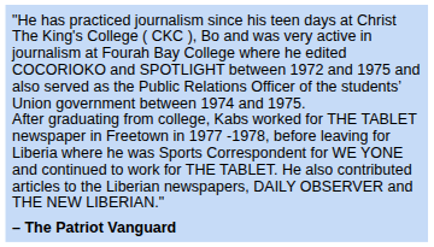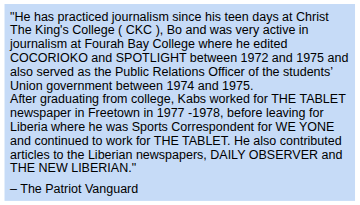 <table class="toccolours" style="float: right; margin-left: 1em; margin-right: 2em; font-size: 85%; background:#c6dbf7; color:black; width:28em; max-width: 40%;" cellspacing="5">
 <tr>
 <td style="text-align: left;">"He has practiced journalism since his teen days at Christ The King's College ( CKC ), Bo and was very active in journalism at Fourah Bay College where he edited COCORIOKO and SPOTLIGHT between 1972 and 1975 and also served as the Public Relations Officer of the students’ Union government between 1974 and 1975.<br>After graduating from college, Kabs worked for THE TABLET newspaper in Freetown in 1977 -1978, before leaving for Liberia where he was Sports Correspondent for WE YONE and continued to work for THE TABLET. He also contributed articles to the Liberian newspapers, DAILY OBSERVER and THE NEW LIBERIAN."</td>
 </tr>
 <tr>
-<td style="text-align: left;"><strong>– The Patriot Vanguard</strong></td>
+<td style="text-align: left;">– The Patriot Vanguard</td>
 </tr>
 </table>
